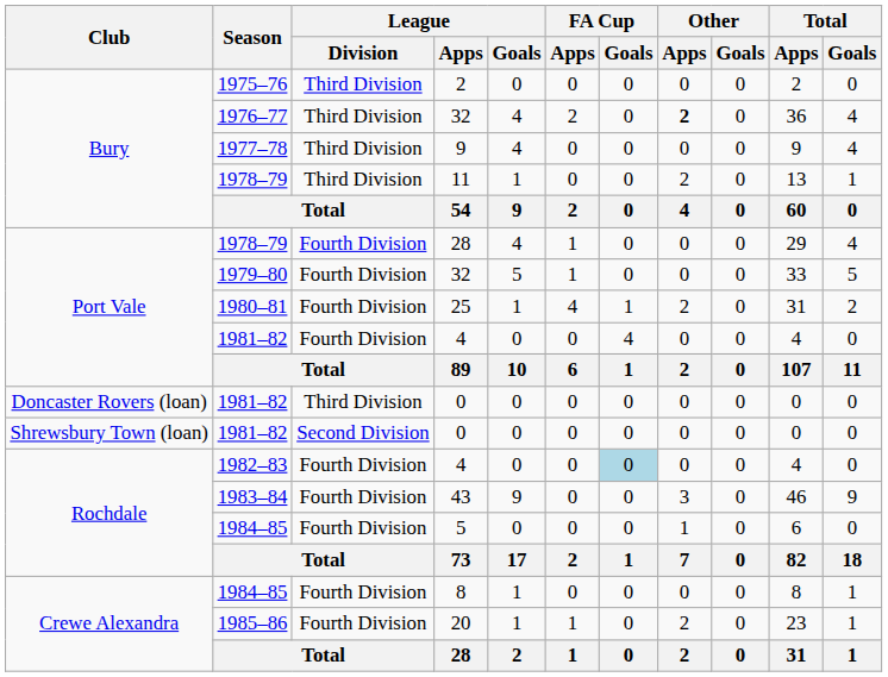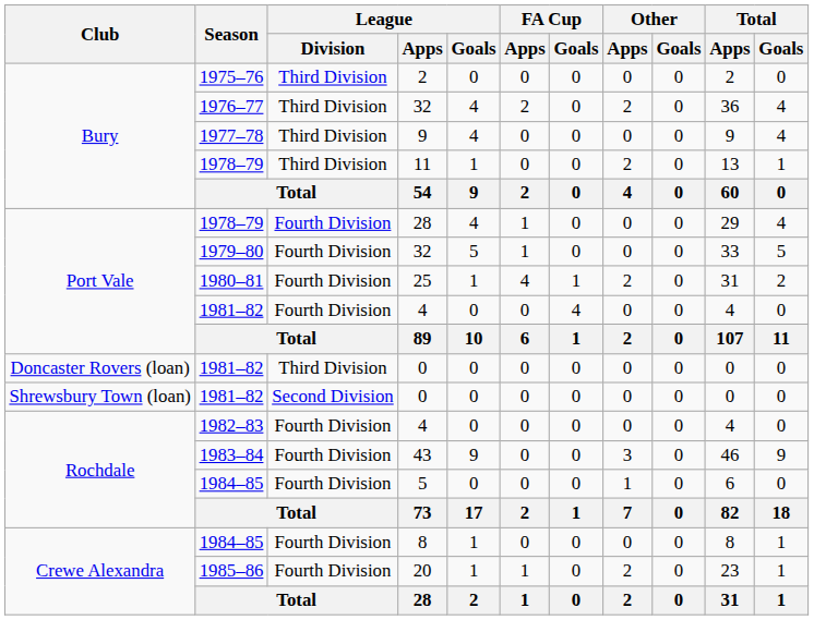 <table class="wikitable" style="text-align:center">
 <tr>
 <th rowspan="2">Club</th>
 <th rowspan="2">Season</th>
 <th colspan="3">League</th>
 <th colspan="2">FA Cup</th>
 <th colspan="2">Other</th>
 <th colspan="2">Total</th>
 </tr>
 <tr>
 <th>Division</th>
 <th>Apps</th>
 <th>Goals</th>
 <th>Apps</th>
 <th>Goals</th>
 <th>Apps</th>
 <th>Goals</th>
 <th>Apps</th>
 <th>Goals</th>
 </tr>
 <tr>
 <td rowspan="5"><a href='#'>Bury</a></td>
 <td><a href='#'>1975–76</a></td>
 <td><a href='#'>Third Division</a></td>
 <td>2</td>
 <td>0</td>
 <td>0</td>
 <td>0</td>
 <td>0</td>
 <td>0</td>
 <td>2</td>
 <td>0</td>
 </tr>
 <tr>
 <td><a href='#'>1976–77</a></td>
 <td>Third Division</td>
 <td>32</td>
 <td>4</td>
 <td>2</td>
 <td>0</td>
-<td><strong>2</strong></td>
+<td>2</td>
 <td>0</td>
 <td>36</td>
 <td>4</td>
 </tr>
 <tr>
 <td><a href='#'>1977–78</a></td>
 <td>Third Division</td>
 <td>9</td>
 <td>4</td>
 <td>0</td>
 <td>0</td>
 <td>0</td>
 <td>0</td>
 <td>9</td>
 <td>4</td>
 </tr>
 <tr>
 <td><a href='#'>1978–79</a></td>
 <td>Third Division</td>
 <td>11</td>
 <td>1</td>
 <td>0</td>
 <td>0</td>
 <td>2</td>
 <td>0</td>
 <td>13</td>
 <td>1</td>
 </tr>
 <tr>
 <th colspan="2">Total</th>
 <th>54</th>
 <th>9</th>
 <th>2</th>
 <th>0</th>
 <th>4</th>
 <th>0</th>
 <th>60</th>
 <th>0</th>
 </tr>
 <tr>
 <td rowspan="5"><a href='#'>Port Vale</a></td>
 <td><a href='#'>1978–79</a></td>
 <td><a href='#'>Fourth Division</a></td>
 <td>28</td>
 <td>4</td>
 <td>1</td>
 <td>0</td>
 <td>0</td>
 <td>0</td>
 <td>29</td>
 <td>4</td>
 </tr>
 <tr>
 <td><a href='#'>1979–80</a></td>
 <td>Fourth Division</td>
 <td>32</td>
 <td>5</td>
 <td>1</td>
 <td>0</td>
 <td>0</td>
 <td>0</td>
 <td>33</td>
 <td>5</td>
 </tr>
 <tr>
 <td><a href='#'>1980–81</a></td>
 <td>Fourth Division</td>
 <td>25</td>
 <td>1</td>
 <td>4</td>
 <td>1</td>
 <td>2</td>
 <td>0</td>
 <td>31</td>
 <td>2</td>
 </tr>
 <tr>
 <td><a href='#'>1981–82</a></td>
 <td>Fourth Division</td>
 <td>4</td>
 <td>0</td>
 <td>0</td>
 <td>4</td>
 <td>0</td>
 <td>0</td>
 <td>4</td>
 <td>0</td>
 </tr>
 <tr>
 <th colspan="2">Total</th>
 <th>89</th>
 <th>10</th>
 <th>6</th>
 <th>1</th>
 <th>2</th>
 <th>0</th>
 <th>107</th>
 <th>11</th>
 </tr>
 <tr>
 <td><a href='#'>Doncaster Rovers</a> (loan)</td>
 <td><a href='#'>1981–82</a></td>
 <td>Third Division</td>
 <td>0</td>
 <td>0</td>
 <td>0</td>
 <td>0</td>
 <td>0</td>
 <td>0</td>
 <td>0</td>
 <td>0</td>
 </tr>
 <tr>
 <td><a href='#'>Shrewsbury Town</a> (loan)</td>
 <td><a href='#'>1981–82</a></td>
 <td><a href='#'>Second Division</a></td>
 <td>0</td>
 <td>0</td>
 <td>0</td>
 <td>0</td>
 <td>0</td>
 <td>0</td>
 <td>0</td>
 <td>0</td>
 </tr>
 <tr>
 <td rowspan="4"><a href='#'>Rochdale</a></td>
 <td><a href='#'>1982–83</a></td>
 <td>Fourth Division</td>
 <td>4</td>
 <td>0</td>
 <td>0</td>
-<td style="background: lightblue;">0</td>
+<td>0</td>
 <td>0</td>
 <td>0</td>
 <td>4</td>
 <td>0</td>
 </tr>
 <tr>
 <td><a href='#'>1983–84</a></td>
 <td>Fourth Division</td>
 <td>43</td>
 <td>9</td>
 <td>0</td>
 <td>0</td>
 <td>3</td>
 <td>0</td>
 <td>46</td>
 <td>9</td>
 </tr>
 <tr>
 <td><a href='#'>1984–85</a></td>
 <td>Fourth Division</td>
 <td>5</td>
 <td>0</td>
 <td>0</td>
 <td>0</td>
 <td>1</td>
 <td>0</td>
 <td>6</td>
 <td>0</td>
 </tr>
 <tr>
 <th colspan="2">Total</th>
 <th>73</th>
 <th>17</th>
 <th>2</th>
 <th>1</th>
 <th>7</th>
 <th>0</th>
 <th>82</th>
 <th>18</th>
 </tr>
 <tr>
 <td rowspan="3"><a href='#'>Crewe Alexandra</a></td>
 <td><a href='#'>1984–85</a></td>
 <td>Fourth Division</td>
 <td>8</td>
 <td>1</td>
 <td>0</td>
 <td>0</td>
 <td>0</td>
 <td>0</td>
 <td>8</td>
 <td>1</td>
 </tr>
 <tr>
 <td><a href='#'>1985–86</a></td>
 <td>Fourth Division</td>
 <td>20</td>
 <td>1</td>
 <td>1</td>
 <td>0</td>
 <td>2</td>
 <td>0</td>
 <td>23</td>
 <td>1</td>
 </tr>
 <tr>
 <th colspan="2">Total</th>
 <th>28</th>
 <th>2</th>
 <th>1</th>
 <th>0</th>
 <th>2</th>
 <th>0</th>
 <th>31</th>
 <th>1</th>
 </tr>
 </table>
